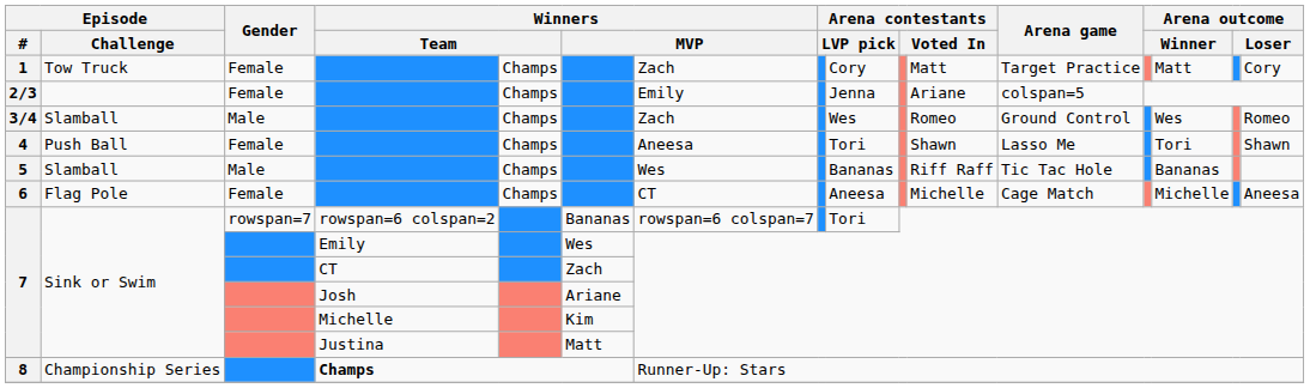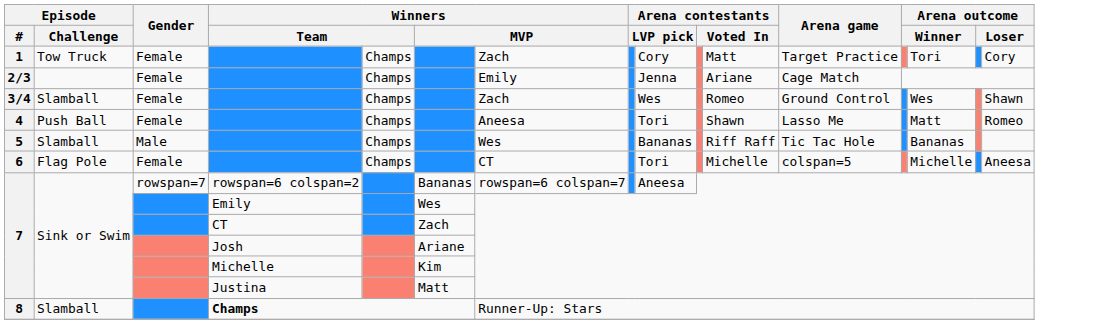 <table class="wikitable">
 <tr>
 <th colspan=2>Episode</th>
 <th rowspan=2>Gender</th>
 <th colspan=4>Winners</th>
 <th colspan=4>Arena contestants</th>
 <th rowspan=2>Arena game</th>
 <th colspan=4 nowrap>Arena outcome</th>
 </tr>
 <tr>
 <th width="15px">#</th>
 <th colspan=1>Challenge</th>
 <th colspan=2>Team</th>
 <th colspan=2>MVP</th>
 <th colspan=2 nowrap>LVP pick</th>
 <th colspan=2 nowrap>Voted In</th>
 <th colspan=2>Winner</th>
 <th colspan=2>Loser</th>
 </tr>
 <tr>
 <th>1</th>
 <td>Tow Truck</td>
 <td>Female</td>
 <td bgcolor="dodgerblue"></td>
 <td>Champs</td>
 <td bgcolor="dodgerblue"></td>
 <td>Zach</td>
 <td bgcolor="dodgerblue"></td>
 <td>Cory</td>
 <td bgcolor="salmon"></td>
 <td>Matt</td>
 <td nowrap>Target Practice</td>
 <td bgcolor="salmon"></td>
-<td>Matt</td>
+<td>Tori</td>
 <td bgcolor="dodgerblue"></td>
 <td>Cory</td>
 </tr>
 <tr>
 <th>2/3</th>
 <td></td>
 <td>Female</td>
 <td bgcolor="dodgerblue"></td>
 <td>Champs</td>
 <td bgcolor="dodgerblue"></td>
 <td>Emily</td>
 <td bgcolor="dodgerblue"></td>
 <td>Jenna</td>
 <td bgcolor="salmon"></td>
 <td>Ariane</td>
-<td>colspan=5 </td>
+<td>Cage Match</td>
 </tr>
 <tr>
 <th>3/4</th>
 <td>Slamball</td>
-<td>Male</td>
+<td>Female</td>
 <td bgcolor="dodgerblue"></td>
 <td>Champs</td>
 <td bgcolor="dodgerblue"></td>
 <td>Zach</td>
 <td bgcolor="dodgerblue"></td>
 <td>Wes</td>
 <td bgcolor="salmon"></td>
 <td>Romeo</td>
 <td nowrap>Ground Control</td>
 <td bgcolor="dodgerblue"></td>
 <td>Wes</td>
 <td bgcolor="salmon"></td>
-<td>Romeo</td>
+<td>Shawn</td>
 </tr>
 <tr>
 <th>4</th>
 <td>Push Ball</td>
 <td>Female</td>
 <td bgcolor="dodgerblue"></td>
 <td>Champs</td>
 <td bgcolor="dodgerblue"></td>
 <td>Aneesa</td>
 <td bgcolor="dodgerblue"></td>
 <td>Tori</td>
 <td bgcolor="salmon"></td>
 <td>Shawn</td>
 <td>Lasso Me</td>
 <td bgcolor="dodgerblue"></td>
-<td>Tori</td>
+<td>Matt</td>
 <td bgcolor="salmon"></td>
-<td>Shawn</td>
+<td>Romeo</td>
 </tr>
 <tr>
 <th>5</th>
 <td>Slamball</td>
 <td>Male</td>
 <td bgcolor="dodgerblue "></td>
 <td>Champs</td>
 <td bgcolor="dodgerblue"></td>
 <td>Wes</td>
 <td bgcolor="dodgerblue "></td>
 <td>Bananas</td>
 <td bgcolor="salmon "></td>
 <td>Riff Raff</td>
 <td>Tic Tac Hole</td>
 <td bgcolor="dodgerblue "></td>
 <td>Bananas</td>
 <td bgcolor="salmon "></td>
 <td></td>
 </tr>
 <tr>
 <th>6</th>
 <td>Flag Pole</td>
 <td>Female</td>
 <td bgcolor="dodgerblue"></td>
 <td>Champs</td>
 <td bgcolor="dodgerblue"></td>
 <td>CT</td>
 <td bgcolor="dodgerblue"></td>
-<td>Aneesa</td>
+<td>Tori</td>
 <td bgcolor="salmon "></td>
 <td>Michelle</td>
-<td>Cage Match</td>
+<td>colspan=5 </td>
 <td bgcolor="salmon "></td>
 <td>Michelle</td>
 <td bgcolor="dodgerblue"></td>
 <td>Aneesa</td>
 </tr>
 <tr>
 <th rowspan=6>7</th>
 <td rowspan=6>Sink or Swim</td>
 <td>rowspan=7 </td>
 <td>rowspan=6 colspan=2 </td>
 <td bgcolor="dodgerblue"></td>
 <td>Bananas</td>
 <td>rowspan=6 colspan=7 </td>
 <td bgcolor="dodgerblue "></td>
-<td>Tori</td>
+<td>Aneesa</td>
 </tr>
 <tr>
 <td bgcolor="dodgerblue "></td>
 <td>Emily</td>
 <td bgcolor="dodgerblue "></td>
 <td>Wes</td>
 </tr>
 <tr>
 <td bgcolor="dodgerblue "></td>
 <td>CT</td>
 <td bgcolor="dodgerblue "></td>
 <td>Zach</td>
 </tr>
 <tr>
 <td bgcolor="salmon "></td>
 <td>Josh</td>
 <td bgcolor="salmon "></td>
 <td>Ariane</td>
 </tr>
 <tr>
 <td bgcolor=" salmon"></td>
 <td>Michelle</td>
 <td bgcolor=" salmon"></td>
 <td>Kim</td>
 </tr>
 <tr>
 <td bgcolor="salmon "></td>
 <td>Justina</td>
 <td bgcolor="salmon "></td>
 <td>Matt</td>
 </tr>
 <tr>
 <th>8</th>
-<td>Championship Series</td>
+<td>Slamball</td>
 <td bgcolor="dodgerblue "></td>
 <td colspan=3><strong>Champs</strong></td>
 <td colspan=10>Runner-Up: Stars</td>
 </tr>
 <tr>
 </tr>
 </table>
